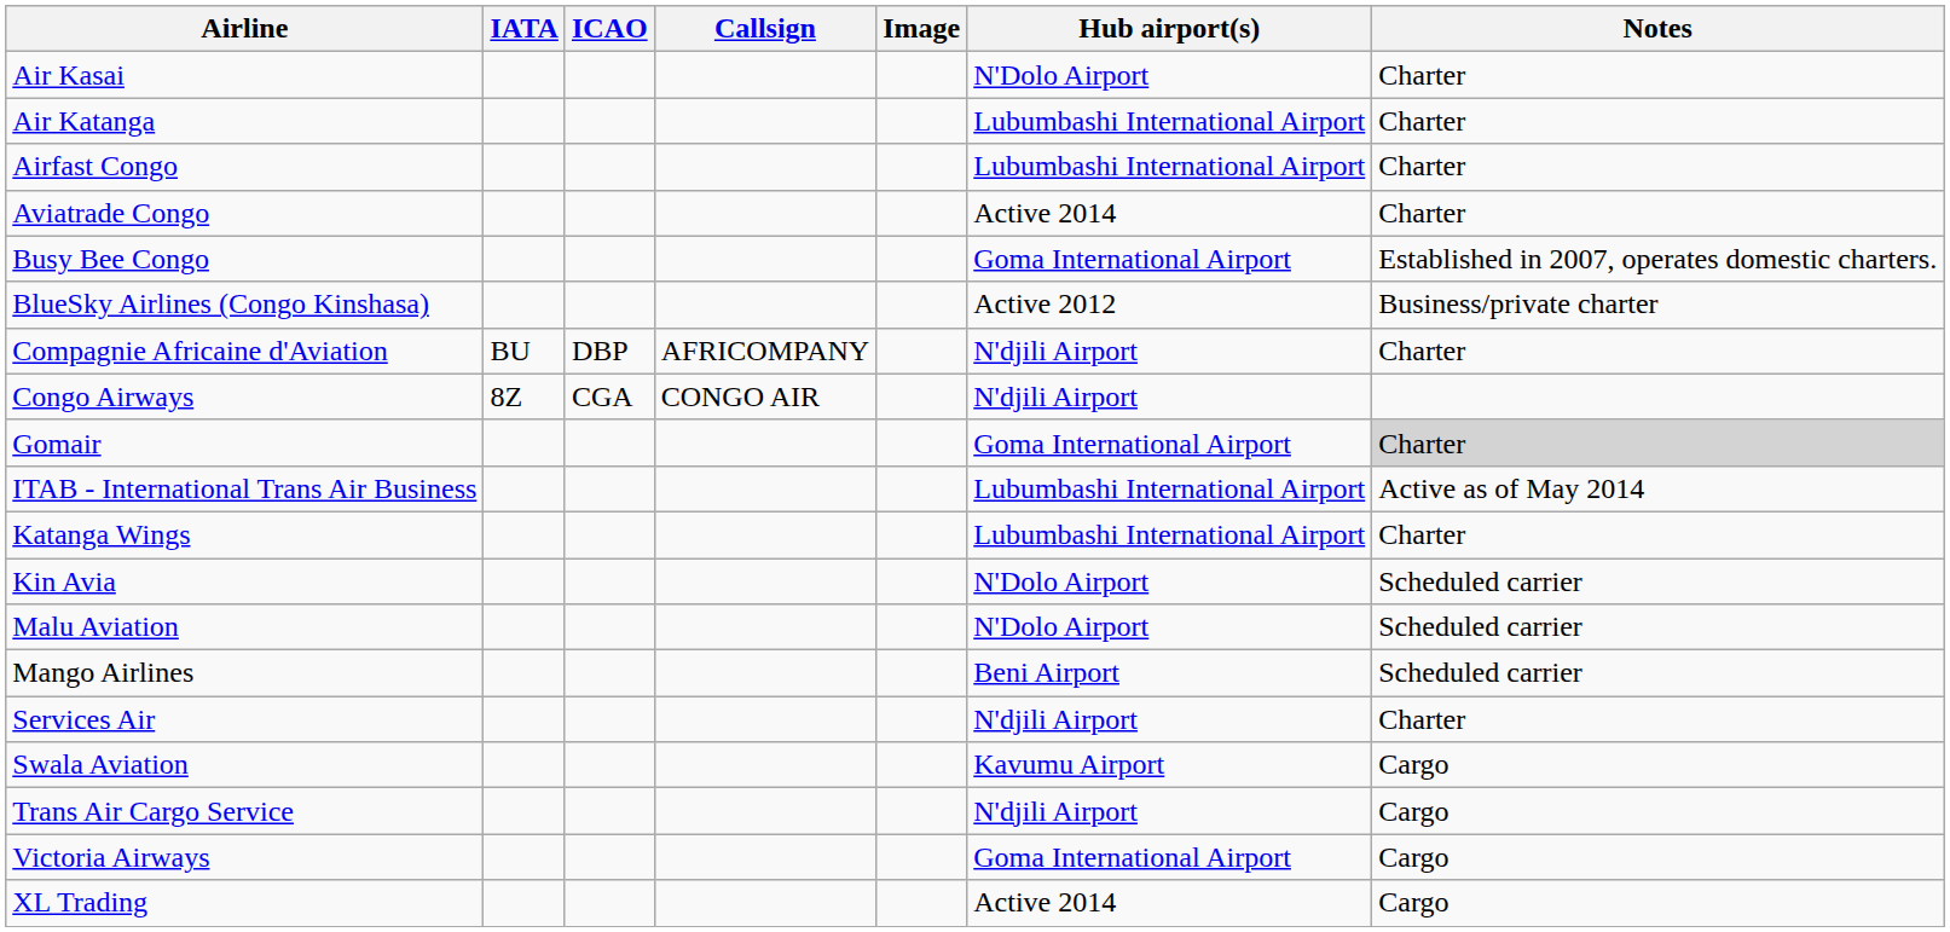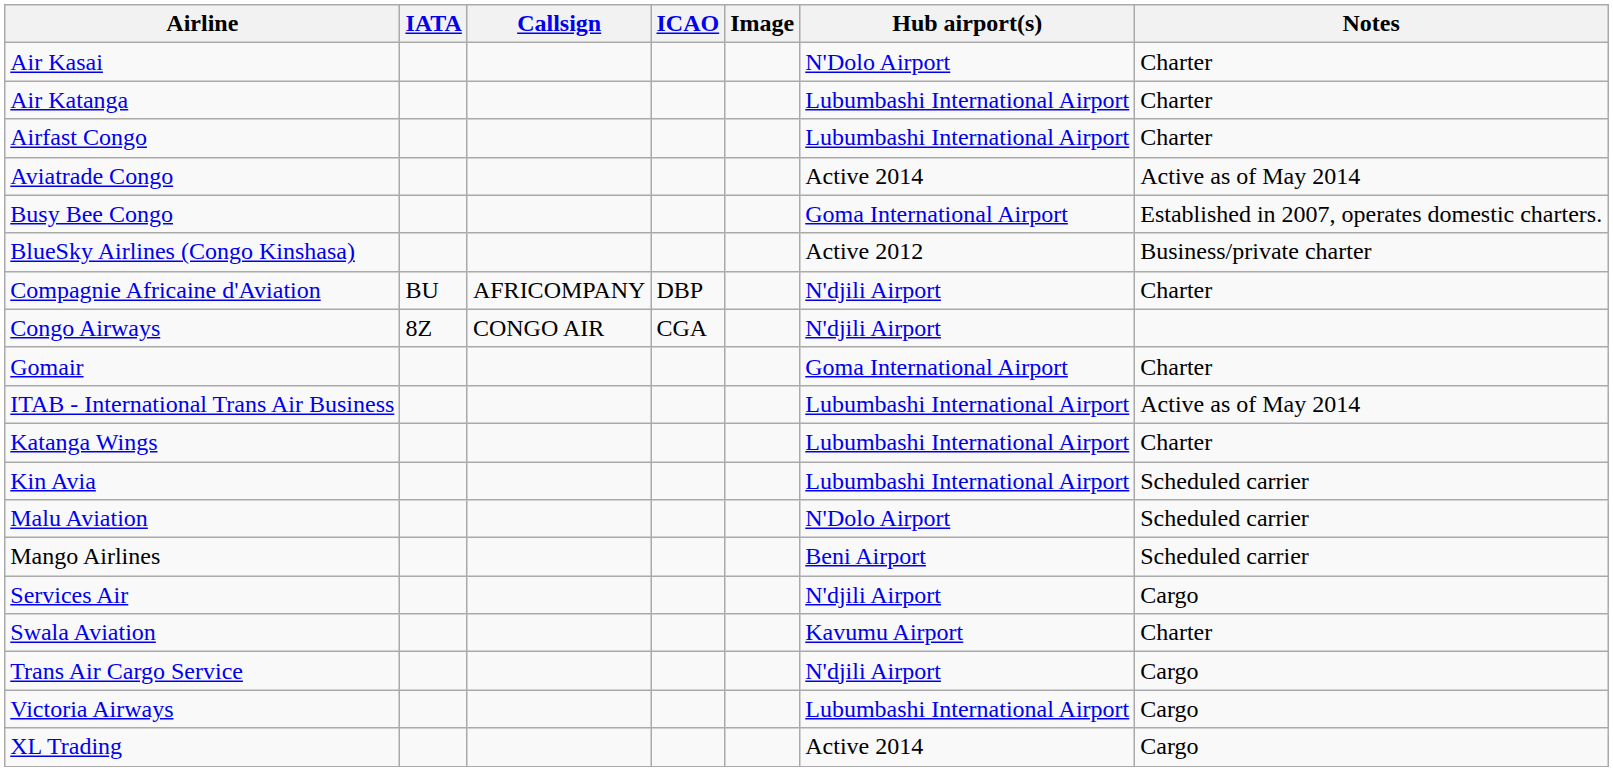 <table class="wikitable sortable" style="border: 0; cellpadding: 2; cellspacing: 3;">
 <tr valign="middle">
 <th>Airline</th>
 <th><a href='#'>IATA</a></th>
+<th><a href='#'>Callsign</a></th>
 <th><a href='#'>ICAO</a></th>
-<th><a href='#'>Callsign</a></th>
 <th>Image</th>
 <th>Hub airport(s)</th>
 <th class="unsortable">Notes</th>
 </tr>
 <tr>
 <td><a href='#'>Air Kasai</a></td>
 <td></td>
 <td></td>
 <td></td>
 <td></td>
 <td><a href='#'>N'Dolo Airport</a></td>
 <td>Charter</td>
 </tr>
 <tr>
 <td><a href='#'>Air Katanga</a></td>
 <td></td>
 <td></td>
 <td></td>
 <td></td>
 <td><a href='#'>Lubumbashi International Airport</a></td>
 <td>Charter</td>
 </tr>
 <tr>
 <td><a href='#'>Airfast Congo</a></td>
 <td></td>
 <td></td>
 <td></td>
 <td></td>
 <td><a href='#'>Lubumbashi International Airport</a></td>
 <td>Charter</td>
 </tr>
 <tr>
 <td><a href='#'>Aviatrade Congo</a></td>
 <td></td>
 <td></td>
 <td></td>
 <td></td>
 <td>Active 2014</td>
-<td>Charter</td>
+<td>Active as of May 2014</td>
 </tr>
 <tr>
 <td><a href='#'>Busy Bee Congo</a></td>
 <td></td>
 <td></td>
 <td></td>
 <td></td>
 <td><a href='#'>Goma International Airport</a></td>
 <td>Established in 2007, operates domestic charters.</td>
 </tr>
 <tr>
 <td><a href='#'>BlueSky Airlines (Congo Kinshasa)</a></td>
 <td></td>
 <td></td>
 <td></td>
 <td></td>
 <td>Active 2012</td>
 <td>Business/private charter</td>
 </tr>
 <tr>
 <td><a href='#'>Compagnie Africaine d'Aviation</a></td>
 <td>BU</td>
+<td>AFRICOMPANY</td>
 <td>DBP</td>
-<td>AFRICOMPANY</td>
 <td></td>
 <td><a href='#'>N'djili Airport</a></td>
 <td>Charter</td>
 </tr>
 <tr>
 <td><a href='#'>Congo Airways</a></td>
 <td>8Z</td>
+<td>CONGO AIR</td>
 <td>CGA</td>
-<td>CONGO AIR</td>
 <td></td>
 <td><a href='#'>N'djili Airport</a></td>
 <td></td>
 </tr>
 <tr>
 <td><a href='#'>Gomair</a></td>
 <td></td>
 <td></td>
 <td></td>
 <td></td>
 <td><a href='#'>Goma International Airport</a></td>
-<td style="background: lightgrey;">Charter</td>
+<td>Charter</td>
 </tr>
 <tr>
 <td><a href='#'>ITAB - International Trans Air Business</a></td>
 <td></td>
 <td></td>
 <td></td>
 <td></td>
 <td><a href='#'>Lubumbashi International Airport</a></td>
 <td>Active as of May 2014</td>
 </tr>
 <tr>
 <td><a href='#'>Katanga Wings</a></td>
 <td></td>
 <td></td>
 <td></td>
 <td></td>
 <td><a href='#'>Lubumbashi International Airport</a></td>
 <td>Charter</td>
 </tr>
 <tr>
 <td><a href='#'>Kin Avia</a></td>
 <td></td>
 <td></td>
 <td></td>
 <td></td>
-<td><a href='#'>N'Dolo Airport</a></td>
+<td><a href='#'>Lubumbashi International Airport</a></td>
 <td>Scheduled carrier</td>
 </tr>
 <tr>
 <td><a href='#'>Malu Aviation</a></td>
 <td></td>
 <td></td>
 <td></td>
 <td></td>
 <td><a href='#'>N'Dolo Airport</a></td>
 <td>Scheduled carrier</td>
 </tr>
 <tr>
 <td>Mango Airlines</td>
 <td></td>
 <td></td>
 <td></td>
 <td></td>
 <td><a href='#'>Beni Airport</a></td>
 <td>Scheduled carrier</td>
 </tr>
 <tr>
 <td><a href='#'>Services Air</a></td>
 <td></td>
 <td></td>
 <td></td>
 <td></td>
 <td><a href='#'>N'djili Airport</a></td>
-<td>Charter</td>
+<td>Cargo</td>
 </tr>
 <tr>
 <td><a href='#'>Swala Aviation</a></td>
 <td></td>
 <td></td>
 <td></td>
 <td></td>
 <td><a href='#'>Kavumu Airport </a></td>
-<td>Cargo</td>
+<td>Charter</td>
 </tr>
 <tr>
 <td><a href='#'>Trans Air Cargo Service</a></td>
 <td></td>
 <td></td>
 <td></td>
 <td></td>
 <td><a href='#'>N'djili Airport</a></td>
 <td>Cargo</td>
 </tr>
 <tr>
 <td><a href='#'>Victoria Airways</a></td>
 <td></td>
 <td></td>
 <td></td>
 <td></td>
-<td><a href='#'>Goma International Airport</a></td>
+<td><a href='#'>Lubumbashi International Airport</a></td>
 <td>Cargo</td>
 </tr>
 <tr>
 <td><a href='#'>XL Trading</a></td>
 <td></td>
 <td></td>
 <td></td>
 <td></td>
 <td>Active 2014</td>
 <td>Cargo</td>
 </tr>
 </table>
